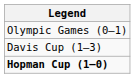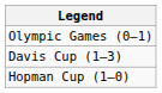 <table class=wikitable>
 <tr>
 <th>Legend</th>
 </tr>
 <tr bgcolor=>
 <td>Olympic Games (0–1)</td>
 </tr>
 <tr bgcolor=>
 <td>Davis Cup (1–3)</td>
 </tr>
 <tr bgcolor=>
-<td><strong>Hopman Cup (1–0)</strong></td>
+<td>Hopman Cup (1–0)</td>
 </tr>
 </table>
